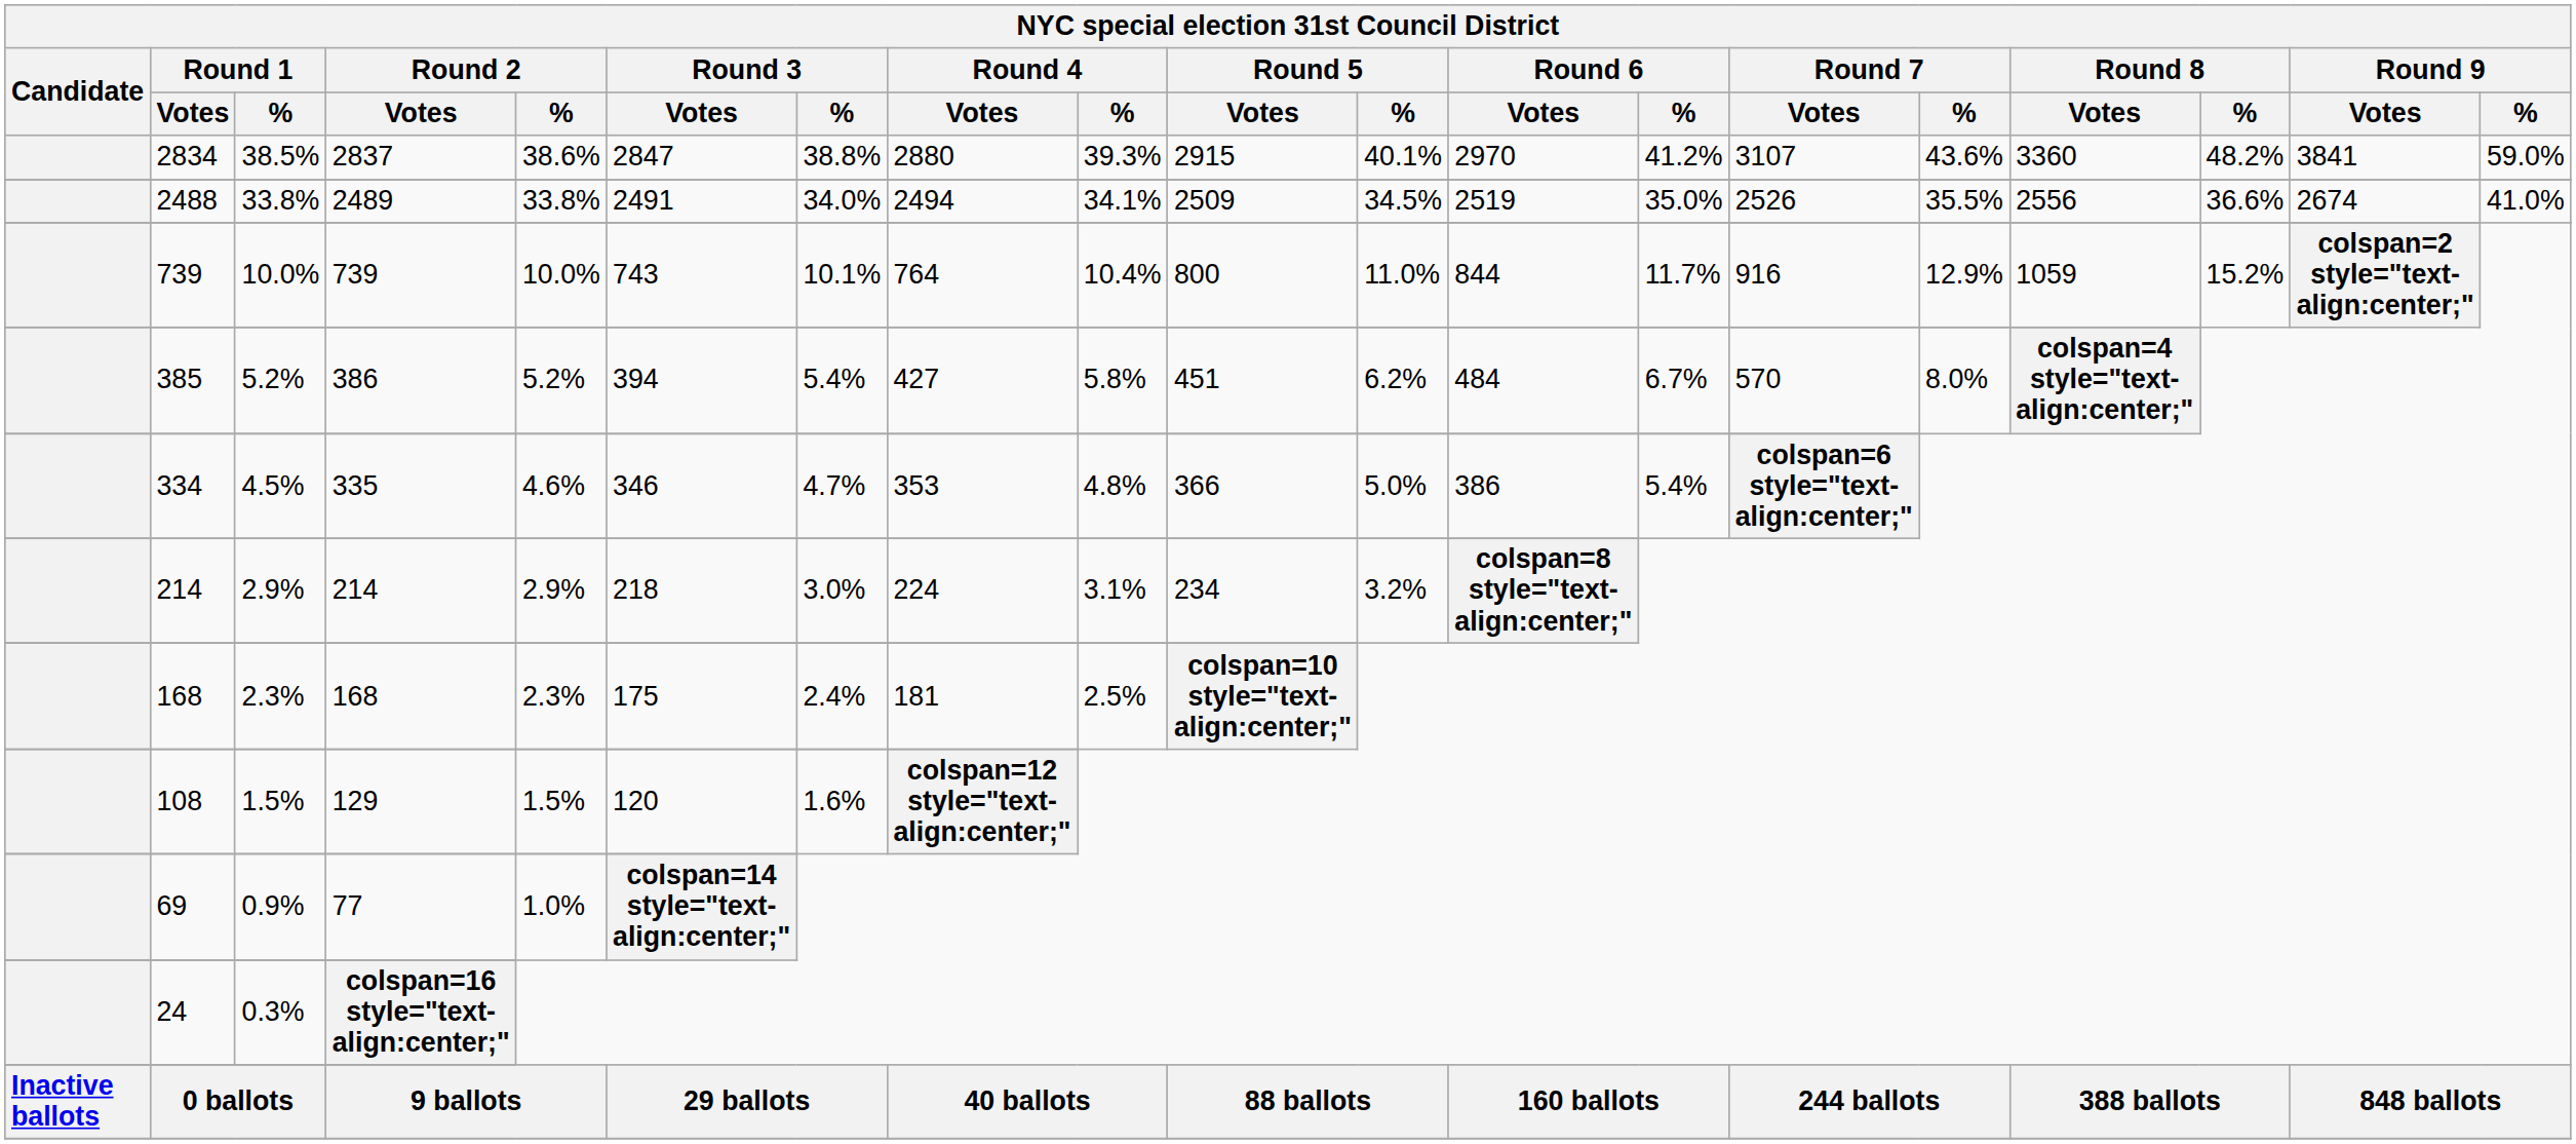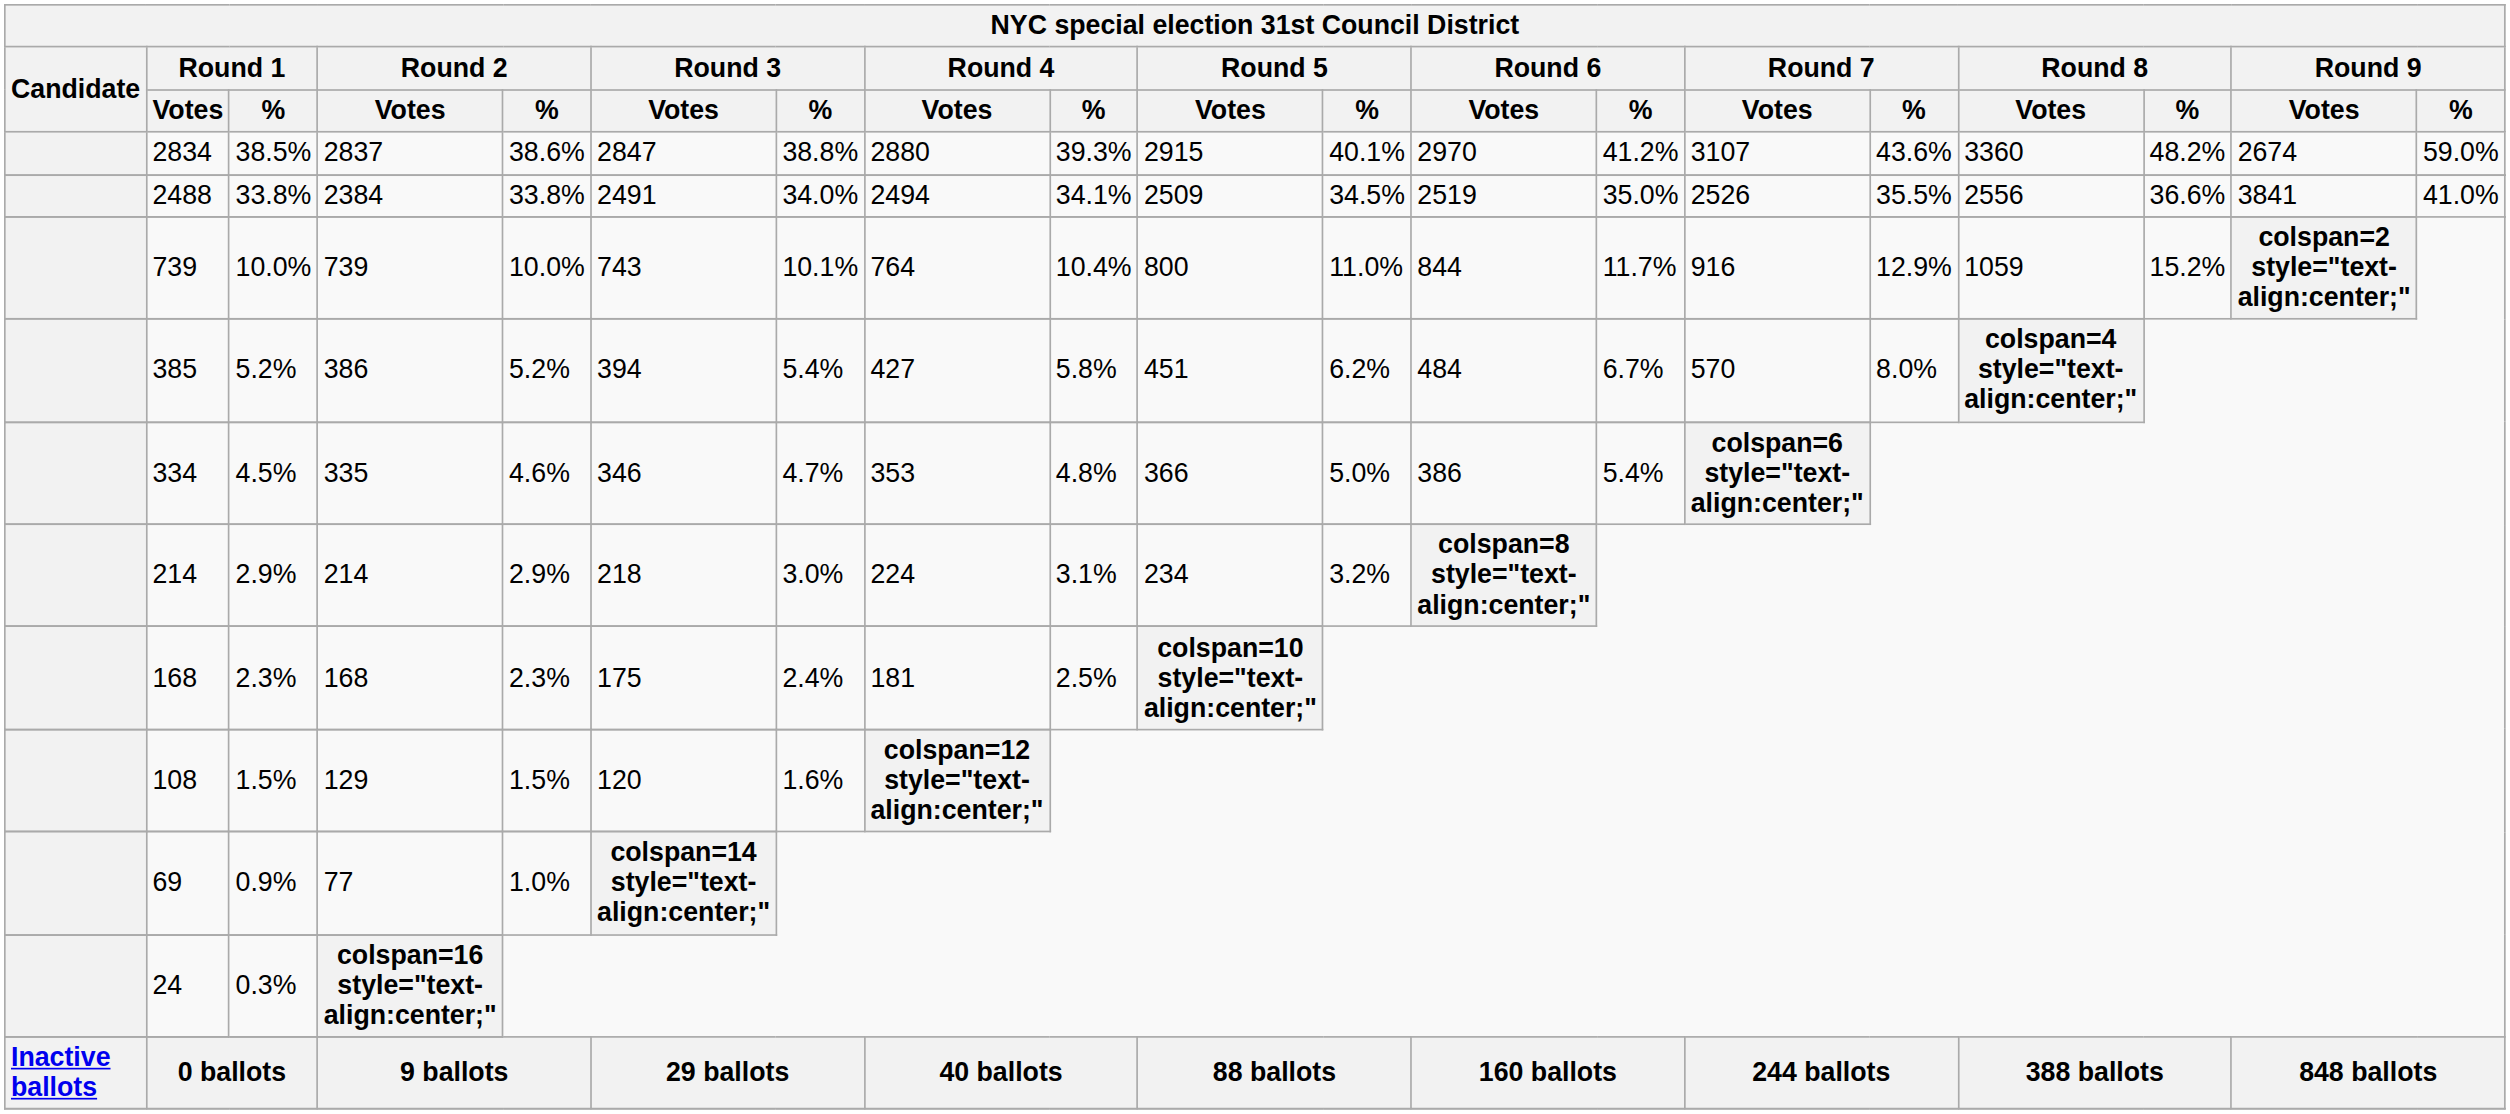 <table class="wikitable sortable">
 <tr>
 <th colspan=" 19 ">NYC special election 31st Council District</th>
 </tr>
 <tr style="background:#eee; text-align:center;">
 <th rowspan=2 style="text-align:center;">Candidate</th>
 <th colspan=2 style="text-align:center;">Round 1</th>
 <th colspan=2 style="text-align:center;">Round 2</th>
 <th colspan=2 style="text-align:center;">Round 3</th>
 <th colspan=2 style="text-align:center;">Round 4</th>
 <th colspan=2 style="text-align:center;">Round 5</th>
 <th colspan=2 style="text-align:center;">Round 6</th>
 <th colspan=2 style="text-align:center;">Round 7</th>
 <th colspan=2 style="text-align:center;">Round 8</th>
 <th colspan=2 style="text-align:center;">Round 9</th>
 </tr>
 <tr>
 <th>Votes</th>
 <th>%</th>
 <th>Votes</th>
 <th>%</th>
 <th>Votes</th>
 <th>%</th>
 <th>Votes</th>
 <th>%</th>
 <th>Votes</th>
 <th>%</th>
 <th>Votes</th>
 <th>%</th>
 <th>Votes</th>
 <th>%</th>
 <th>Votes</th>
 <th>%</th>
 <th>Votes</th>
 <th>%</th>
 </tr>
 <tr>
 <th scope="row" style="text-align:left;"></th>
 <td>2834</td>
 <td>38.5%</td>
 <td>2837</td>
 <td>38.6%</td>
 <td>2847</td>
 <td>38.8%</td>
 <td>2880</td>
 <td>39.3%</td>
 <td>2915</td>
 <td>40.1%</td>
 <td>2970</td>
 <td>41.2%</td>
 <td>3107</td>
 <td>43.6%</td>
 <td>3360</td>
 <td>48.2%</td>
-<td> 3841</td>
+<td>2674</td>
 <td> 59.0%</td>
 </tr>
 <tr>
 </tr>
 <tr>
 <th scope="row" style="text-align:left;"></th>
 <td>2488</td>
 <td>33.8%</td>
-<td>2489</td>
+<td>2384</td>
 <td>33.8%</td>
 <td>2491</td>
 <td>34.0%</td>
 <td>2494</td>
 <td>34.1%</td>
 <td>2509</td>
 <td>34.5%</td>
 <td>2519</td>
 <td>35.0%</td>
 <td>2526</td>
 <td>35.5%</td>
 <td>2556</td>
 <td>36.6%</td>
-<td>2674</td>
+<td> 3841</td>
 <td>41.0%</td>
 </tr>
 <tr>
 </tr>
 <tr>
 <th scope="row" style="text-align:left;"></th>
 <td>739</td>
 <td>10.0%</td>
 <td>739</td>
 <td>10.0%</td>
 <td>743</td>
 <td>10.1%</td>
 <td>764</td>
 <td>10.4%</td>
 <td>800</td>
 <td>11.0%</td>
 <td>844</td>
 <td>11.7%</td>
 <td>916</td>
 <td>12.9%</td>
 <td>1059</td>
 <td>15.2%</td>
 <th>colspan=2 style="text-align:center;" </th>
 </tr>
 <tr>
 </tr>
 <tr>
 <th scope="row" style="text-align:left;"></th>
 <td>385</td>
 <td>5.2%</td>
 <td>386</td>
 <td>5.2%</td>
 <td>394</td>
 <td>5.4%</td>
 <td>427</td>
 <td>5.8%</td>
 <td>451</td>
 <td>6.2%</td>
 <td>484</td>
 <td>6.7%</td>
 <td>570</td>
 <td>8.0%</td>
 <th>colspan=4 style="text-align:center;" </th>
 </tr>
 <tr>
 </tr>
 <tr>
 <th scope="row" style="text-align:left;"></th>
 <td>334</td>
 <td>4.5%</td>
 <td>335</td>
 <td>4.6%</td>
 <td>346</td>
 <td>4.7%</td>
 <td>353</td>
 <td>4.8%</td>
 <td>366</td>
 <td>5.0%</td>
 <td>386</td>
 <td>5.4%</td>
 <th>colspan=6 style="text-align:center;" </th>
 </tr>
 <tr>
 </tr>
 <tr>
 <th scope="row" style="text-align:left;"></th>
 <td>214</td>
 <td>2.9%</td>
 <td>214</td>
 <td>2.9%</td>
 <td>218</td>
 <td>3.0%</td>
 <td>224</td>
 <td>3.1%</td>
 <td>234</td>
 <td>3.2%</td>
 <th>colspan=8 style="text-align:center;" </th>
 </tr>
 <tr>
 </tr>
 <tr>
 <th scope="row" style="text-align:left;"></th>
 <td>168</td>
 <td>2.3%</td>
 <td>168</td>
 <td>2.3%</td>
 <td>175</td>
 <td>2.4%</td>
 <td>181</td>
 <td>2.5%</td>
 <th>colspan=10 style="text-align:center;" </th>
 </tr>
 <tr>
 </tr>
 <tr>
 <th scope="row" style="text-align:left;"></th>
 <td>108</td>
 <td>1.5%</td>
 <td>129</td>
 <td>1.5%</td>
 <td>120</td>
 <td>1.6%</td>
 <th>colspan=12 style="text-align:center;" </th>
 </tr>
 <tr>
 </tr>
 <tr>
 <th scope="row" style="text-align:left;"></th>
 <td>69</td>
 <td>0.9%</td>
 <td>77</td>
 <td>1.0%</td>
 <th>colspan=14 style="text-align:center;" </th>
 </tr>
 <tr>
 </tr>
 <tr>
 <th scope="row" style="text-align:left;"></th>
 <td>24</td>
 <td>0.3%</td>
 <th>colspan=16 style="text-align:center;" </th>
 </tr>
 <tr>
 </tr>
 <tr>
 <th scope="row" style="text-align:left;"><a href='#'>Inactive ballots</a></th>
 <th colspan="2">0 ballots</th>
 <th colspan="2">9 ballots</th>
 <th colspan="2">29 ballots</th>
 <th colspan="2">40 ballots</th>
 <th colspan="2">88 ballots</th>
 <th colspan="2">160 ballots</th>
 <th colspan="2">244 ballots</th>
 <th colspan="2">388 ballots</th>
 <th colspan="2">848 ballots</th>
 </tr>
 <tr>
 </tr>
 </table>
